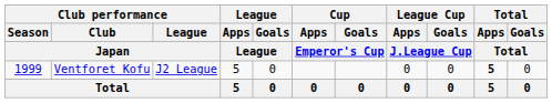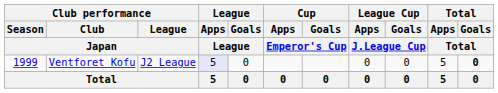 <table class="wikitable" style="text-align:center;">
 <tr>
 <th colspan=3>Club performance</th>
 <th colspan=2>League</th>
 <th colspan=2>Cup</th>
 <th colspan=2>League Cup</th>
 <th colspan=2>Total</th>
 </tr>
 <tr>
 <th>Season</th>
 <th>Club</th>
 <th>League</th>
 <th>Apps</th>
 <th>Goals</th>
 <th>Apps</th>
 <th>Goals</th>
 <th>Apps</th>
 <th>Goals</th>
 <th>Apps</th>
 <th>Goals</th>
 </tr>
 <tr>
 <th colspan=3>Japan</th>
 <th colspan=2>League</th>
 <th colspan=2><a href='#'>Emperor's Cup</a></th>
 <th colspan=2><a href='#'>J.League Cup</a></th>
 <th colspan=2>Total</th>
 </tr>
 <tr>
 <td><a href='#'>1999</a></td>
 <td><a href='#'>Ventforet Kofu</a></td>
 <td><a href='#'>J2 League</a></td>
-<td>5</td>
+<td style="background: lavender;">5</td>
 <td>0</td>
 <td></td>
 <td></td>
 <td>0</td>
 <td>0</td>
-<td><strong>5</strong></td>
-<td>0</td>
+<td>5</td>
+<td><strong>0</strong></td>
 </tr>
 <tr>
 <th colspan=3>Total</th>
 <th>5</th>
 <th>0</th>
 <th>0</th>
 <th>0</th>
 <th>0</th>
 <th>0</th>
 <th>5</th>
 <th>0</th>
 </tr>
 </table>
